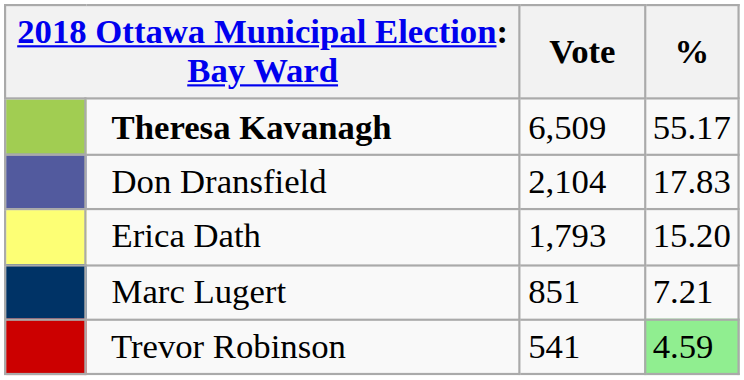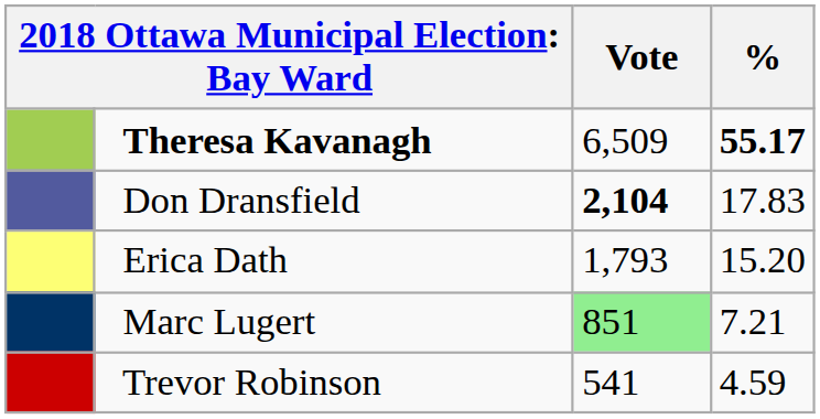 <table class="wikitable">
 <tr>
 <th width="230" bgcolor="#ddddff" colspan="2"><a href='#'>2018 Ottawa Municipal Election</a>: <a href='#'>Bay Ward</a></th>
 <th width="50" bgcolor="#ddddff">Vote</th>
 <th width="30" bgcolor="#ddddff">%</th>
 </tr>
 <tr>
 <td width="30" bgcolor="#a1cd52"> </td>
 <td>  <strong>Theresa Kavanagh</strong></td>
 <td>6,509</td>
-<td>55.17</td>
+<td><strong>55.17</strong></td>
 </tr>
 <tr>
 <td width="30" bgcolor="#525a9e"> </td>
 <td>  Don Dransfield</td>
-<td>2,104</td>
+<td><strong>2,104</strong></td>
 <td>17.83</td>
 </tr>
 <tr>
 <td width="30" bgcolor="#fdff75"> </td>
 <td>  Erica Dath</td>
 <td>1,793</td>
 <td>15.20</td>
 </tr>
 <tr>
 <td width="30" bgcolor="#003366"> </td>
 <td>  Marc Lugert</td>
-<td>851</td>
+<td style="background: lightgreen;">851</td>
 <td>7.21</td>
 </tr>
 <tr>
 <td width="30" bgcolor="#cc0000"> </td>
 <td>  Trevor Robinson</td>
 <td>541</td>
-<td style="background: lightgreen;">4.59</td>
+<td>4.59</td>
 </tr>
 </table>
